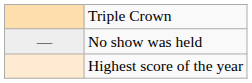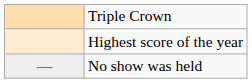 <table class="wikitable">
 <tr>
 <td width="75px" style="font-weight: bold; background: navajowhite;" align="center"></td>
 <td>Triple Crown</td>
 </tr>
 <tr>
+<td width="75px" style="background: #ffebd2;"></td>
+<td>Highest score of the year</td>
+</tr>
+<tr>
 <td width="75px" style="background:#eee;" align="center">—</td>
 <td>No show was held</td>
 </tr>
-<tr>
-<td width="75px" style="background: #ffebd2;"></td>
-<td>Highest score of the year</td>
-</tr>
 </table>
